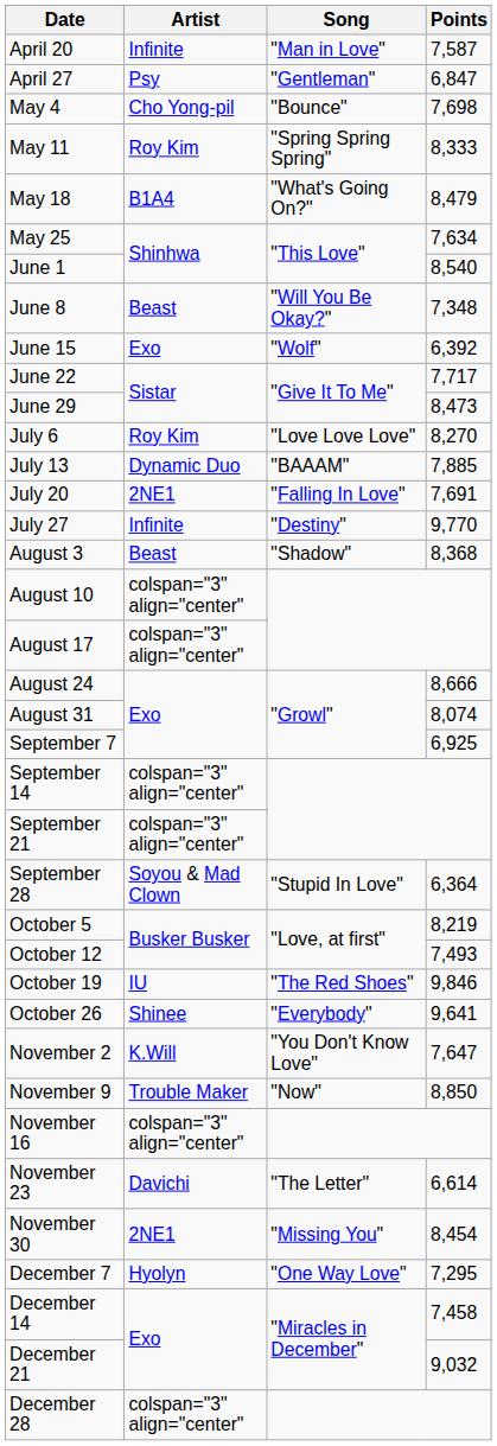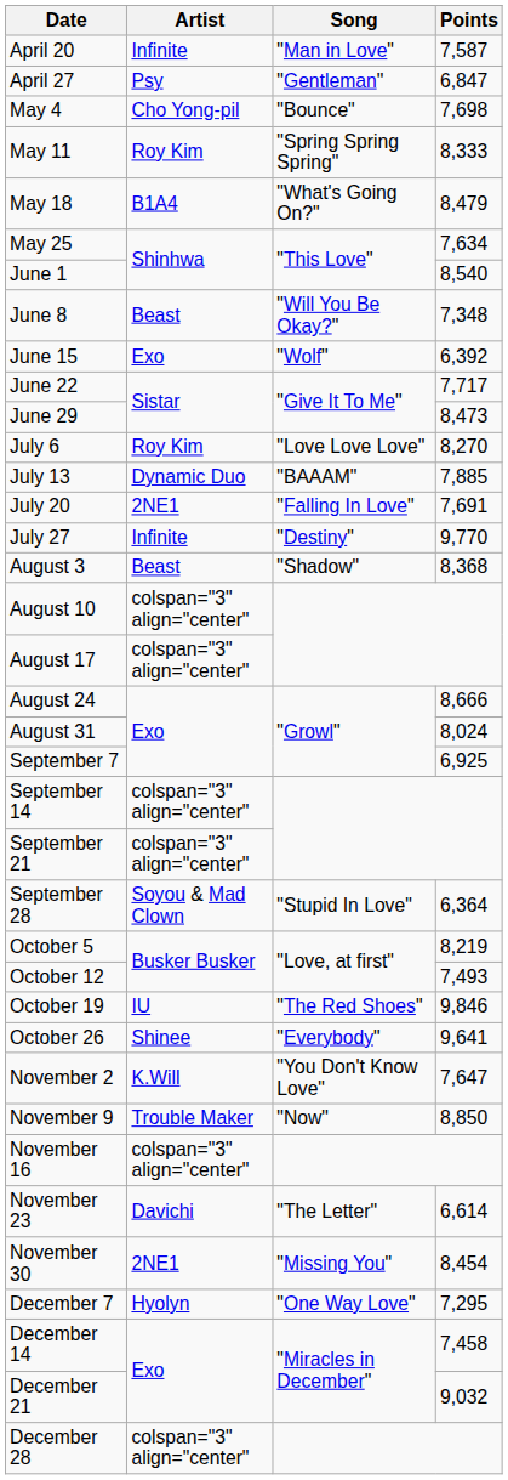 <table class="wikitable sortable">
 <tr>
 <th style="width:95px">Date</th>
 <th style="width:115px">Artist</th>
 <th style="width:130px">Song</th>
 <th style="width:40px">Points</th>
 </tr>
 <tr>
 <td>April 20</td>
 <td><a href='#'>Infinite</a></td>
 <td>"<a href='#'>Man in Love</a>"</td>
 <td>7,587</td>
 </tr>
 <tr>
 <td>April 27</td>
 <td><a href='#'>Psy</a></td>
 <td>"<a href='#'>Gentleman</a>"</td>
 <td>6,847</td>
 </tr>
 <tr>
 <td>May 4</td>
 <td><a href='#'>Cho Yong-pil</a></td>
 <td>"Bounce"</td>
 <td>7,698</td>
 </tr>
 <tr>
 <td>May 11</td>
 <td><a href='#'>Roy Kim</a></td>
 <td>"Spring Spring Spring"</td>
 <td>8,333</td>
 </tr>
 <tr>
 <td>May 18</td>
 <td><a href='#'>B1A4</a></td>
 <td>"What's Going On?"</td>
 <td>8,479</td>
 </tr>
 <tr>
 <td>May 25</td>
 <td rowspan="2"><a href='#'>Shinhwa</a></td>
 <td rowspan="2">"<a href='#'>This Love</a>"</td>
 <td>7,634</td>
 </tr>
 <tr>
 <td>June 1</td>
 <td>8,540</td>
 </tr>
 <tr>
 <td>June 8</td>
 <td><a href='#'>Beast</a></td>
 <td>"<a href='#'>Will You Be Okay?</a>"</td>
 <td>7,348</td>
 </tr>
 <tr>
 <td>June 15</td>
 <td><a href='#'>Exo</a></td>
 <td>"<a href='#'>Wolf</a>"</td>
 <td>6,392</td>
 </tr>
 <tr>
 <td>June 22</td>
 <td rowspan="2"><a href='#'>Sistar</a></td>
 <td rowspan="2">"<a href='#'>Give It To Me</a>"</td>
 <td>7,717</td>
 </tr>
 <tr>
 <td>June 29</td>
 <td>8,473</td>
 </tr>
 <tr>
 <td>July 6</td>
 <td><a href='#'>Roy Kim</a></td>
 <td>"Love Love Love"</td>
 <td>8,270</td>
 </tr>
 <tr>
 <td>July 13</td>
 <td><a href='#'>Dynamic Duo</a></td>
 <td>"BAAAM"</td>
 <td>7,885</td>
 </tr>
 <tr>
 <td>July 20</td>
 <td><a href='#'>2NE1</a></td>
 <td>"<a href='#'>Falling In Love</a>"</td>
 <td>7,691</td>
 </tr>
 <tr>
 <td>July 27</td>
 <td><a href='#'>Infinite</a></td>
 <td>"<a href='#'>Destiny</a>"</td>
 <td>9,770</td>
 </tr>
 <tr>
 <td>August 3</td>
 <td><a href='#'>Beast</a></td>
 <td>"Shadow"</td>
 <td>8,368</td>
 </tr>
 <tr>
 <td>August 10</td>
 <td>colspan="3" align="center" </td>
 </tr>
 <tr>
 <td>August 17</td>
 <td>colspan="3" align="center" </td>
 </tr>
 <tr>
 <td>August 24</td>
 <td rowspan="3"><a href='#'>Exo</a></td>
 <td rowspan="3">"<a href='#'>Growl</a>"</td>
 <td>8,666</td>
 </tr>
 <tr>
 <td>August 31</td>
-<td>8,074</td>
+<td>8,024</td>
 </tr>
 <tr>
 <td>September 7</td>
 <td>6,925</td>
 </tr>
 <tr>
 <td>September 14</td>
 <td>colspan="3" align="center" </td>
 </tr>
 <tr>
 <td>September 21</td>
 <td>colspan="3" align="center" </td>
 </tr>
 <tr>
 <td>September 28</td>
 <td><a href='#'>Soyou</a> & <a href='#'>Mad Clown</a></td>
 <td>"Stupid In Love"</td>
 <td>6,364</td>
 </tr>
 <tr>
 <td>October 5</td>
 <td rowspan="2"><a href='#'>Busker Busker</a></td>
 <td rowspan="2">"Love, at first"</td>
 <td>8,219</td>
 </tr>
 <tr>
 <td>October 12</td>
 <td>7,493</td>
 </tr>
 <tr>
 <td>October 19</td>
 <td><a href='#'>IU</a></td>
 <td>"<a href='#'>The Red Shoes</a>"</td>
 <td>9,846</td>
 </tr>
 <tr>
 <td>October 26</td>
 <td><a href='#'>Shinee</a></td>
 <td>"<a href='#'>Everybody</a>"</td>
 <td>9,641</td>
 </tr>
 <tr>
 <td>November 2</td>
 <td><a href='#'>K.Will</a></td>
 <td>"You Don't Know Love"</td>
 <td>7,647</td>
 </tr>
 <tr>
 <td>November 9</td>
 <td><a href='#'>Trouble Maker</a></td>
 <td>"Now"</td>
 <td>8,850</td>
 </tr>
 <tr>
 <td>November 16</td>
 <td>colspan="3" align="center" </td>
 </tr>
 <tr>
 <td>November 23</td>
 <td><a href='#'>Davichi</a></td>
 <td>"The Letter"</td>
 <td>6,614</td>
 </tr>
 <tr>
 <td>November 30</td>
 <td><a href='#'>2NE1</a></td>
 <td>"<a href='#'>Missing You</a>"</td>
 <td>8,454</td>
 </tr>
 <tr>
 <td>December 7</td>
 <td><a href='#'>Hyolyn</a></td>
 <td>"<a href='#'>One Way Love</a>"</td>
 <td>7,295</td>
 </tr>
 <tr>
 <td>December 14</td>
 <td rowspan="2"><a href='#'>Exo</a></td>
 <td rowspan="2">"<a href='#'>Miracles in December</a>"</td>
 <td>7,458</td>
 </tr>
 <tr>
 <td>December 21</td>
 <td>9,032</td>
 </tr>
 <tr>
 <td>December 28</td>
 <td>colspan="3" align="center" </td>
 </tr>
 </table>
